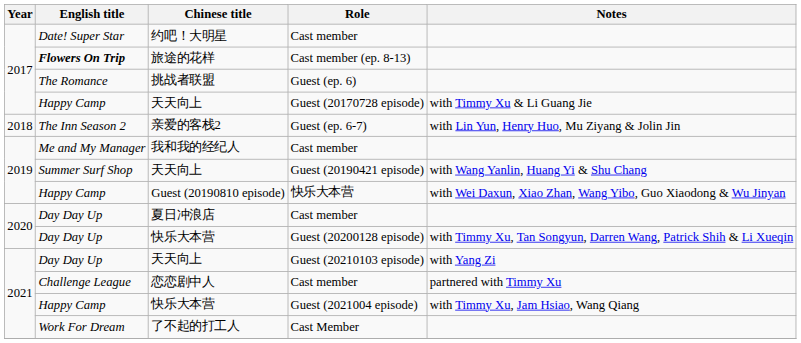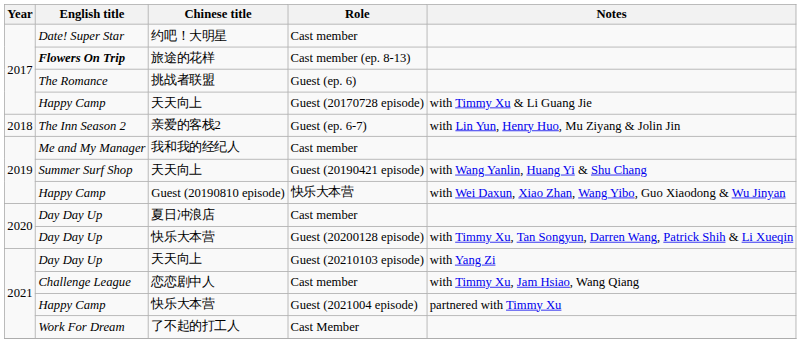 <table class="wikitable">
 <tr>
 <th width=10>Year</th>
 <th>English title</th>
 <th>Chinese title</th>
 <th>Role</th>
 <th>Notes</th>
 </tr>
 <tr>
 <td rowspan=4>2017</td>
 <td><em>Date! Super Star</em></td>
 <td>约吧！大明星</td>
 <td>Cast member</td>
 <td></td>
 </tr>
 <tr>
 <td><strong><em>Flowers On Trip</em></strong></td>
 <td>旅途的花样</td>
 <td>Cast member (ep. 8-13)</td>
 <td></td>
 </tr>
 <tr>
 <td><em>The Romance</em></td>
 <td>挑战者联盟</td>
 <td>Guest (ep. 6)</td>
 <td></td>
 </tr>
 <tr>
 <td><em>Happy Camp</em></td>
 <td>天天向上</td>
 <td>Guest (20170728 episode)</td>
 <td>with <a href='#'>Timmy Xu</a> & Li Guang Jie</td>
 </tr>
 <tr>
 <td>2018</td>
 <td><em>The Inn Season 2</em></td>
 <td>亲爱的客栈2</td>
 <td>Guest (ep. 6-7)</td>
 <td>with <a href='#'>Lin Yun</a>, <a href='#'>Henry Huo</a>, Mu Ziyang & Jolin Jin</td>
 </tr>
 <tr>
 <td rowspan=3>2019</td>
 <td><em>Me and My Manager</em></td>
 <td>我和我的经纪人</td>
 <td>Cast member</td>
 <td></td>
 </tr>
 <tr>
 <td><em>Summer Surf Shop</em></td>
 <td>天天向上</td>
 <td>Guest (20190421 episode)</td>
 <td>with <a href='#'>Wang Yanlin</a>, <a href='#'>Huang Yi</a> & <a href='#'>Shu Chang</a></td>
 </tr>
 <tr>
 <td><em>Happy Camp</em></td>
 <td>Guest (20190810 episode)</td>
 <td>快乐大本营</td>
 <td>with <a href='#'>Wei Daxun</a>, <a href='#'>Xiao Zhan</a>, <a href='#'>Wang Yibo</a>, Guo Xiaodong & <a href='#'>Wu Jinyan</a></td>
 </tr>
 <tr>
 <td rowspan=2>2020</td>
 <td><em>Day Day Up</em></td>
 <td>夏日冲浪店</td>
 <td>Cast member</td>
 <td></td>
 </tr>
 <tr>
 <td><em>Day Day Up</em></td>
 <td>快乐大本营</td>
 <td>Guest (20200128 episode)</td>
 <td>with <a href='#'>Timmy Xu</a>, <a href='#'>Tan Songyun</a>, <a href='#'>Darren Wang</a>, <a href='#'>Patrick Shih</a> & <a href='#'>Li Xueqin</a></td>
 </tr>
 <tr>
 <td rowspan=4>2021</td>
 <td><em>Day Day Up</em></td>
 <td>天天向上</td>
 <td>Guest (20210103 episode)</td>
 <td>with <a href='#'>Yang Zi</a></td>
 </tr>
 <tr>
 <td><em>Challenge League</em></td>
 <td>恋恋剧中人</td>
 <td>Cast member</td>
-<td>partnered with <a href='#'>Timmy Xu</a></td>
+<td>with <a href='#'>Timmy Xu</a>, <a href='#'>Jam Hsiao</a>, Wang Qiang</td>
 </tr>
 <tr>
 <td><em>Happy Camp</em></td>
 <td>快乐大本营</td>
 <td>Guest (2021004 episode)</td>
-<td>with <a href='#'>Timmy Xu</a>, <a href='#'>Jam Hsiao</a>, Wang Qiang</td>
+<td>partnered with <a href='#'>Timmy Xu</a></td>
 </tr>
 <tr>
 <td><em>Work For Dream</em></td>
 <td>了不起的打工人</td>
 <td>Cast Member</td>
 <td></td>
 </tr>
 <tr>
 </tr>
 </table>
